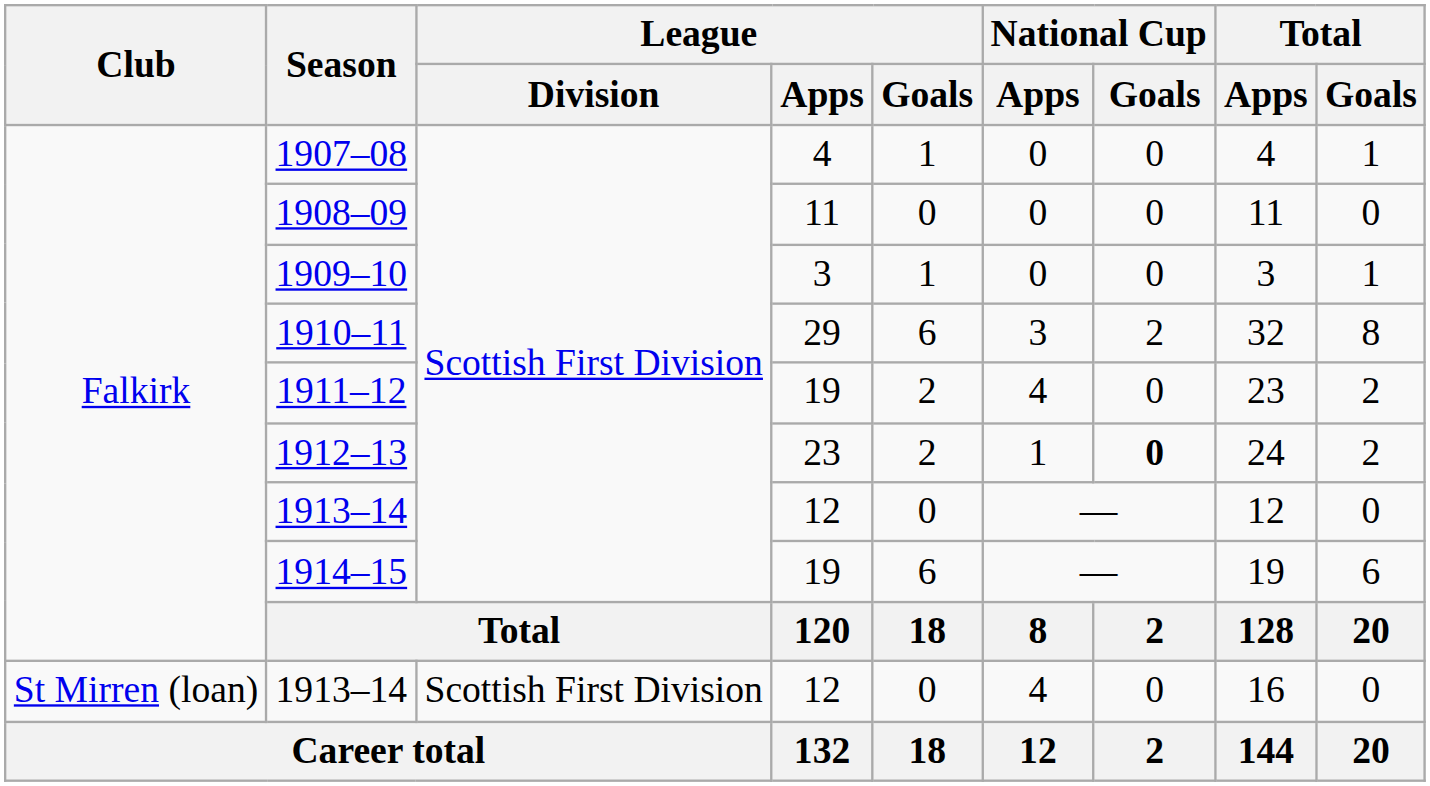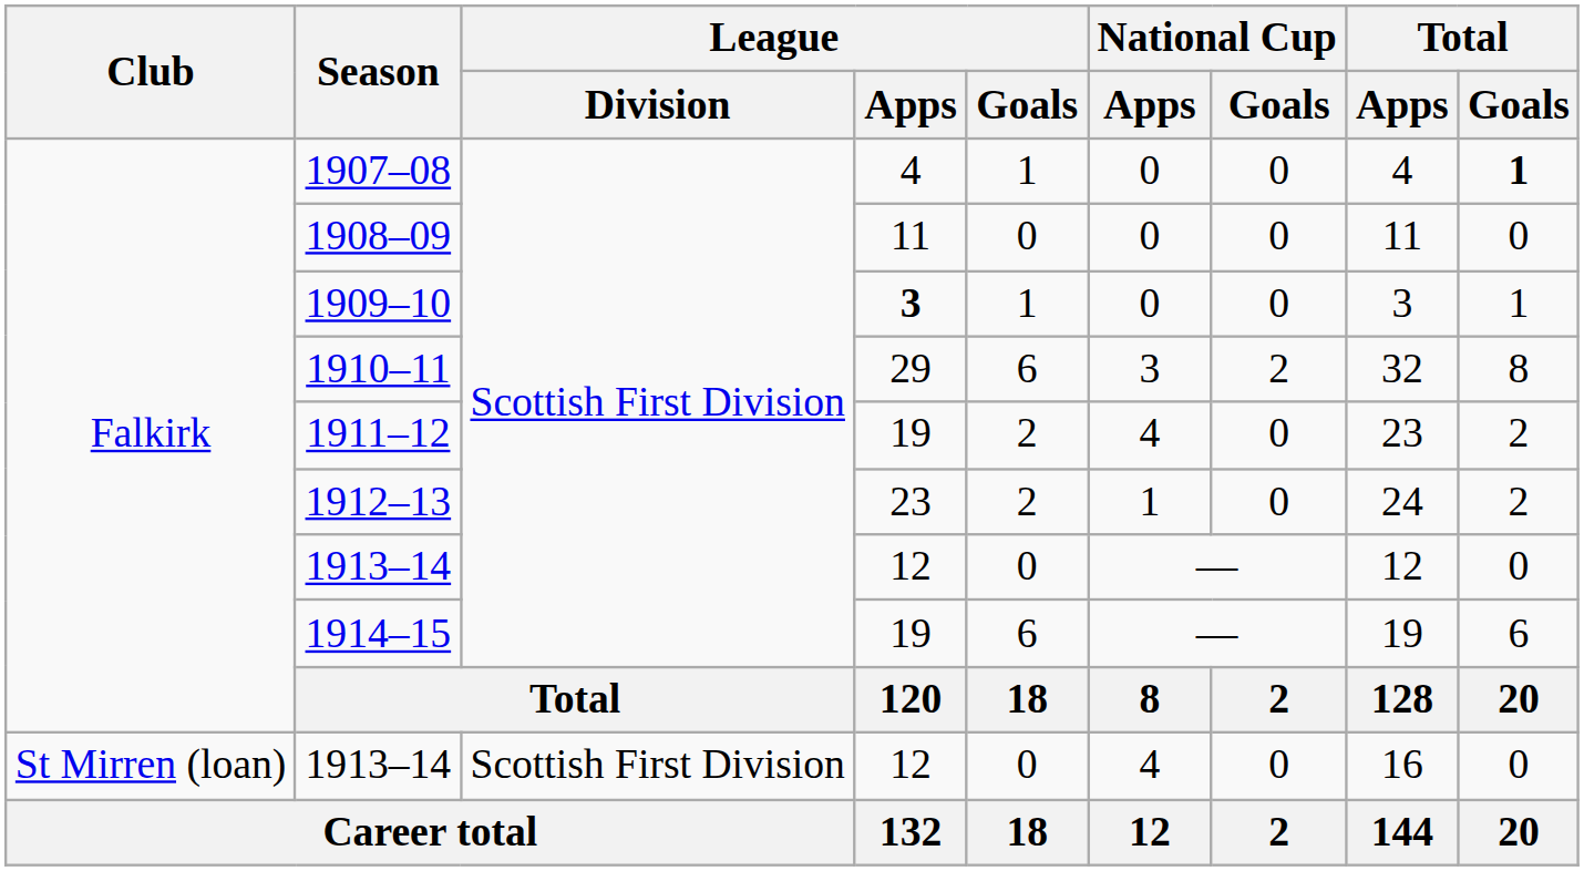 <table class="wikitable" style="text-align: center;">
 <tr>
 <th rowspan="2">Club</th>
 <th rowspan="2">Season</th>
 <th colspan="3">League</th>
 <th colspan="2">National Cup</th>
 <th colspan="2">Total</th>
 </tr>
 <tr>
 <th>Division</th>
 <th>Apps</th>
 <th>Goals</th>
 <th>Apps</th>
 <th>Goals</th>
 <th>Apps</th>
 <th>Goals</th>
 </tr>
 <tr>
 <td rowspan="9"><a href='#'>Falkirk</a></td>
 <td><a href='#'>1907–08</a></td>
 <td rowspan="8"><a href='#'>Scottish First Division</a></td>
 <td>4</td>
 <td>1</td>
 <td>0</td>
 <td>0</td>
 <td>4</td>
-<td>1</td>
+<td><strong>1</strong></td>
 </tr>
 <tr>
 <td><a href='#'>1908–09</a></td>
 <td>11</td>
 <td>0</td>
 <td>0</td>
 <td>0</td>
 <td>11</td>
 <td>0</td>
 </tr>
 <tr>
 <td><a href='#'>1909–10</a></td>
-<td>3</td>
+<td><strong>3</strong></td>
 <td>1</td>
 <td>0</td>
 <td>0</td>
 <td>3</td>
 <td>1</td>
 </tr>
 <tr>
 <td><a href='#'>1910–11</a></td>
 <td>29</td>
 <td>6</td>
 <td>3</td>
 <td>2</td>
 <td>32</td>
 <td>8</td>
 </tr>
 <tr>
 <td><a href='#'>1911–12</a></td>
 <td>19</td>
 <td>2</td>
 <td>4</td>
 <td>0</td>
 <td>23</td>
 <td>2</td>
 </tr>
 <tr>
 <td><a href='#'>1912–13</a></td>
 <td>23</td>
 <td>2</td>
 <td>1</td>
-<td><strong>0</strong></td>
+<td>0</td>
 <td>24</td>
 <td>2</td>
 </tr>
 <tr>
 <td><a href='#'>1913–14</a></td>
 <td>12</td>
 <td>0</td>
 <td colspan="2">—</td>
 <td>12</td>
 <td>0</td>
 </tr>
 <tr>
 <td><a href='#'>1914–15</a></td>
 <td>19</td>
 <td>6</td>
 <td colspan="2">—</td>
 <td>19</td>
 <td>6</td>
 </tr>
 <tr>
 <th colspan="2">Total</th>
 <th>120</th>
 <th>18</th>
 <th>8</th>
 <th>2</th>
 <th>128</th>
 <th>20</th>
 </tr>
 <tr>
 <td><a href='#'>St Mirren</a> (loan)</td>
 <td>1913–14</td>
 <td>Scottish First Division</td>
 <td>12</td>
 <td>0</td>
 <td>4</td>
 <td>0</td>
 <td>16</td>
 <td>0</td>
 </tr>
 <tr>
 <th colspan="3">Career total</th>
 <th>132</th>
 <th>18</th>
 <th>12</th>
 <th>2</th>
 <th>144</th>
 <th>20</th>
 </tr>
 </table>
